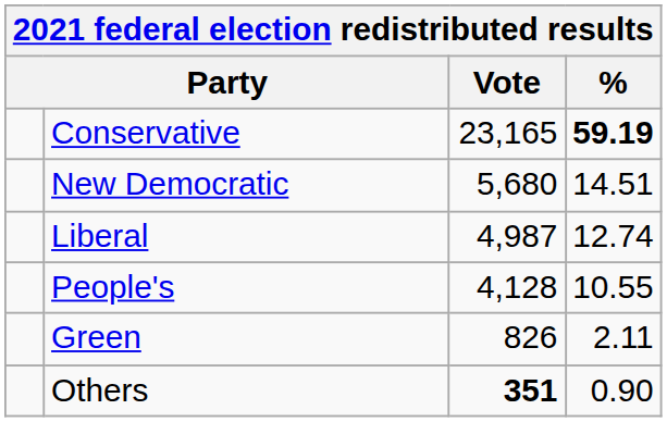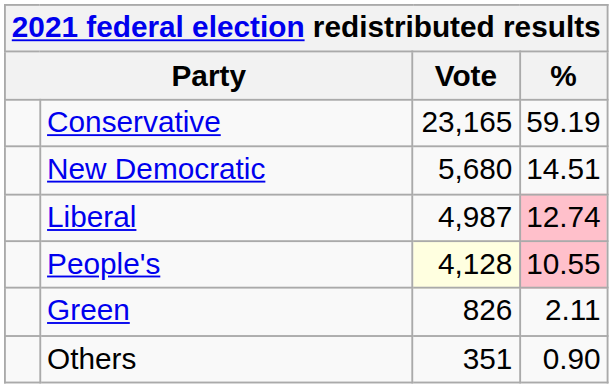 <table class="wikitable">
 <tr>
 <th colspan="4"><a href='#'>2021 federal election</a> redistributed results</th>
 </tr>
 <tr>
 <th bgcolor="#DDDDFF" width="130px" colspan="2">Party</th>
 <th bgcolor="#DDDDFF" width="50px">Vote</th>
 <th bgcolor="#DDDDFF" width="30px">%</th>
 </tr>
 <tr>
 <td> </td>
 <td><a href='#'>Conservative</a></td>
 <td align=right>23,165</td>
-<td align=right><strong>59.19</strong></td>
+<td align=right>59.19</td>
 </tr>
 <tr>
 <td> </td>
 <td><a href='#'>New Democratic</a></td>
 <td align=right>5,680</td>
 <td align=right>14.51</td>
 </tr>
 <tr>
 <td> </td>
 <td><a href='#'>Liberal</a></td>
 <td align=right>4,987</td>
-<td align=right>12.74</td>
+<td align=right style="background: pink;">12.74</td>
 </tr>
 <tr>
 <td> </td>
 <td><a href='#'>People's</a></td>
-<td align=right>4,128</td>
-<td align=right>10.55</td>
+<td align=right style="background: lightyellow;">4,128</td>
+<td align=right style="background: pink;">10.55</td>
 </tr>
 <tr>
 <td> </td>
 <td><a href='#'>Green</a></td>
 <td align=right>826</td>
 <td align=right>2.11</td>
 </tr>
 <tr>
 <td> </td>
 <td>Others</td>
-<td align=right><strong>351</strong></td>
+<td align=right>351</td>
 <td align=right>0.90</td>
 </tr>
 </table>
